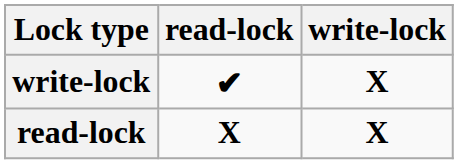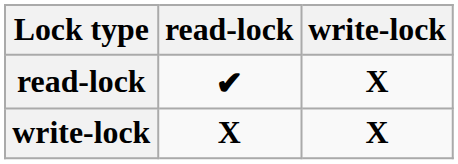 <table class="wikitable" style="text-align:center;">
 <tr>
 <th>Lock type</th>
 <th>read-lock</th>
 <th>write-lock</th>
 </tr>
 <tr>
-<th>write-lock</th>
+<th>read-lock</th>
 <td><strong>✔</strong></td>
 <td><strong>X</strong></td>
 </tr>
 <tr>
-<th>read-lock</th>
+<th>write-lock</th>
 <td><strong>X</strong></td>
 <td><strong>X</strong></td>
 </tr>
 </table>
